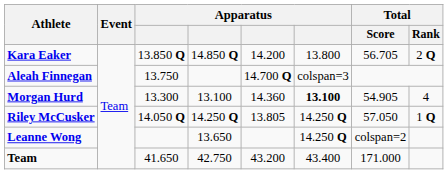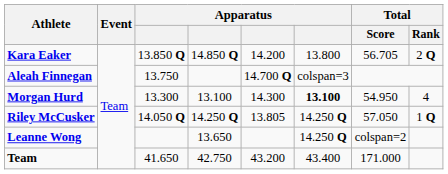 <table class=wikitable style=font-size:90%;text-align:center>
 <tr>
 <th rowspan=2>Athlete</th>
 <th rowspan=2>Event</th>
 <th colspan=4>Apparatus</th>
 <th colspan=2>Total</th>
 </tr>
 <tr style=font-size:95%>
 <th></th>
 <th></th>
 <th></th>
 <th></th>
 <th>Score</th>
 <th>Rank</th>
 </tr>
 <tr>
 <td align=left><strong><a href='#'>Kara Eaker</a></strong></td>
 <td align=left rowspan=6><a href='#'>Team</a></td>
 <td>13.850 <strong>Q</strong></td>
 <td>14.850 <strong>Q</strong></td>
 <td>14.200</td>
 <td>13.800</td>
 <td>56.705</td>
 <td>2 <strong>Q</strong></td>
 </tr>
 <tr>
 <td align=left><strong><a href='#'>Aleah Finnegan</a></strong></td>
 <td>13.750</td>
 <td></td>
 <td>14.700 <strong>Q</strong></td>
 <td>colspan=3 </td>
 </tr>
 <tr>
 <td align=left><strong><a href='#'>Morgan Hurd</a></strong></td>
 <td>13.300</td>
 <td>13.100</td>
-<td>14.360</td>
+<td>14.300</td>
 <td><strong>13.100</strong></td>
-<td>54.905</td>
+<td>54.950</td>
 <td>4</td>
 </tr>
 <tr>
 <td align=left><strong><a href='#'>Riley McCusker</a></strong></td>
 <td>14.050 <strong>Q</strong></td>
 <td>14.250 <strong>Q</strong></td>
 <td>13.805</td>
 <td>14.250 <strong>Q</strong></td>
 <td>57.050</td>
 <td>1 <strong>Q</strong></td>
 </tr>
 <tr>
 <td align=left><strong><a href='#'>Leanne Wong</a></strong></td>
 <td></td>
 <td>13.650</td>
 <td></td>
 <td>14.250 <strong>Q</strong></td>
 <td>colspan=2 </td>
 </tr>
 <tr>
 <td align=left><strong>Team</strong></td>
 <td>41.650</td>
 <td>42.750</td>
 <td>43.200</td>
 <td>43.400</td>
 <td>171.000</td>
 <td></td>
 </tr>
 </table>
